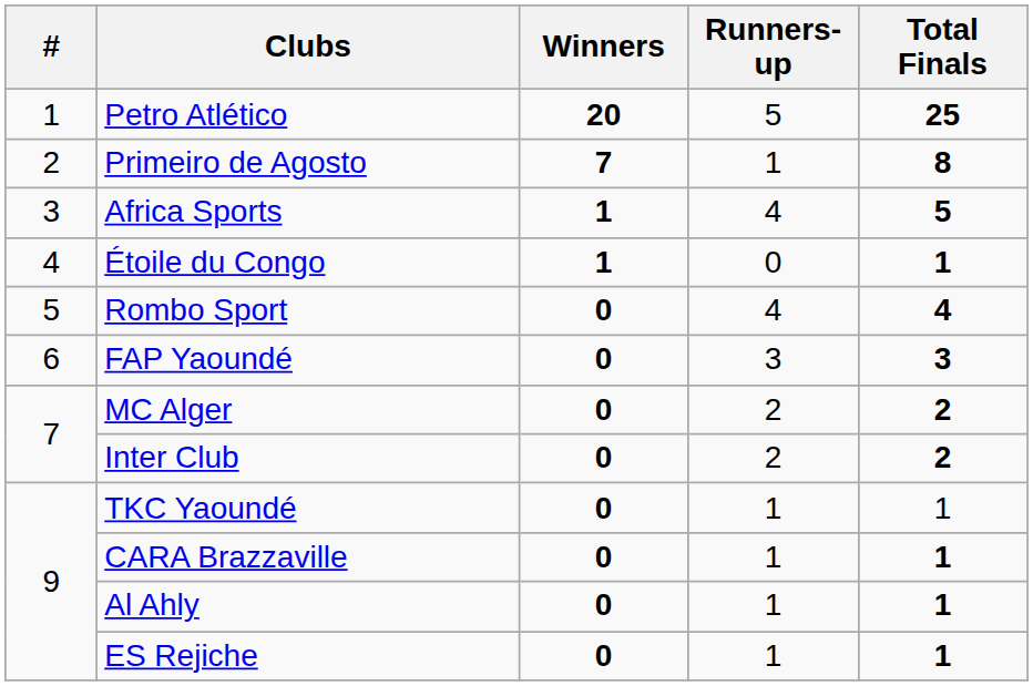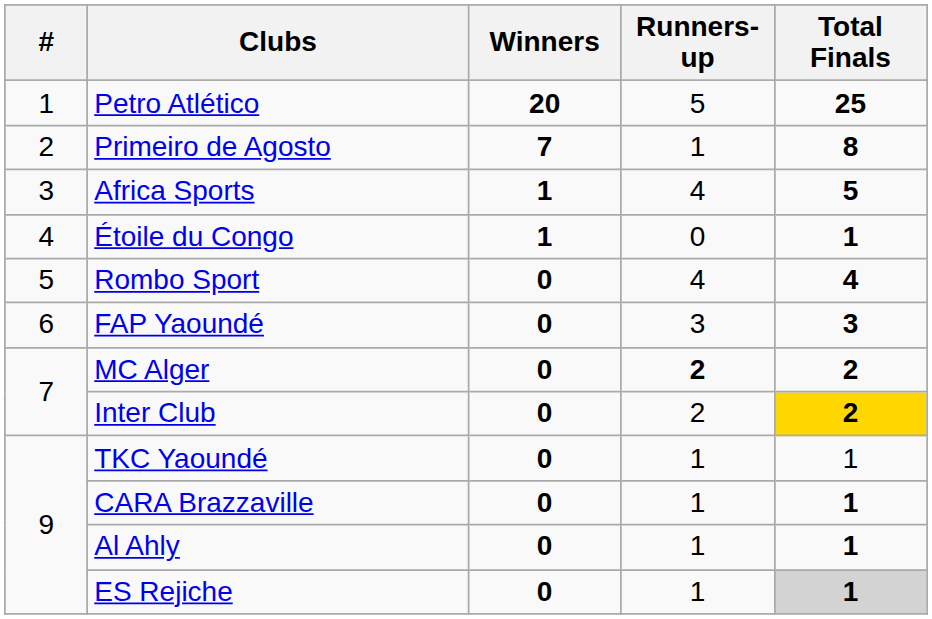 <table class="wikitable">
 <tr>
 <th width=40>#</th>
 <th width=210>Clubs</th>
 <th width=80>Winners</th>
 <th width=80>Runners-up</th>
 <th width=80>Total Finals</th>
 </tr>
 <tr>
 <td align=center>1</td>
 <td> <a href='#'>Petro Atlético</a></td>
 <td align=center><strong>20</strong></td>
 <td align=center>5</td>
 <td align=center><strong>25</strong></td>
 </tr>
 <tr>
 <td align=center>2</td>
 <td> <a href='#'>Primeiro de Agosto</a></td>
 <td align=center><strong>7</strong></td>
 <td align=center>1</td>
 <td align=center><strong>8</strong></td>
 </tr>
 <tr>
 <td align=center>3</td>
 <td> <a href='#'>Africa Sports</a></td>
 <td align=center><strong>1</strong></td>
 <td align=center>4</td>
 <td align=center><strong>5</strong></td>
 </tr>
 <tr>
 <td align=center>4</td>
 <td> <a href='#'>Étoile du Congo</a></td>
 <td align=center><strong>1</strong></td>
 <td align=center>0</td>
 <td align=center><strong>1</strong></td>
 </tr>
 <tr>
 <td align=center>5</td>
 <td> <a href='#'>Rombo Sport</a></td>
 <td align=center><strong>0</strong></td>
 <td align=center>4</td>
 <td align=center><strong>4</strong></td>
 </tr>
 <tr>
 <td align=center>6</td>
 <td> <a href='#'>FAP Yaoundé</a></td>
 <td align=center><strong>0</strong></td>
 <td align=center>3</td>
 <td align=center><strong>3</strong></td>
 </tr>
 <tr>
 <td align=center rowspan=2>7</td>
 <td> <a href='#'>MC Alger</a></td>
 <td align=center><strong>0</strong></td>
-<td align=center>2</td>
+<td align=center><strong>2</strong></td>
 <td align=center><strong>2</strong></td>
 </tr>
 <tr>
 <td> <a href='#'>Inter Club</a></td>
 <td align=center><strong>0</strong></td>
 <td align=center>2</td>
-<td align=center><strong>2</strong></td>
+<td align=center style="background: gold;"><strong>2</strong></td>
 </tr>
 <tr>
 <td align=center rowspan=4>9</td>
 <td> <a href='#'>TKC Yaoundé</a></td>
 <td align=center><strong>0</strong></td>
 <td align=center>1</td>
 <td align=center>1</td>
 </tr>
 <tr>
 <td> <a href='#'>CARA Brazzaville</a></td>
 <td align=center><strong>0</strong></td>
 <td align=center>1</td>
 <td align=center><strong>1</strong></td>
 </tr>
 <tr>
 <td> <a href='#'>Al Ahly</a></td>
 <td align=center><strong>0</strong></td>
 <td align=center>1</td>
 <td align=center><strong>1</strong></td>
 </tr>
 <tr>
 <td> <a href='#'>ES Rejiche</a></td>
 <td align=center><strong>0</strong></td>
 <td align=center>1</td>
-<td align=center><strong>1</strong></td>
+<td align=center style="background: lightgrey;"><strong>1</strong></td>
 </tr>
 </table>
